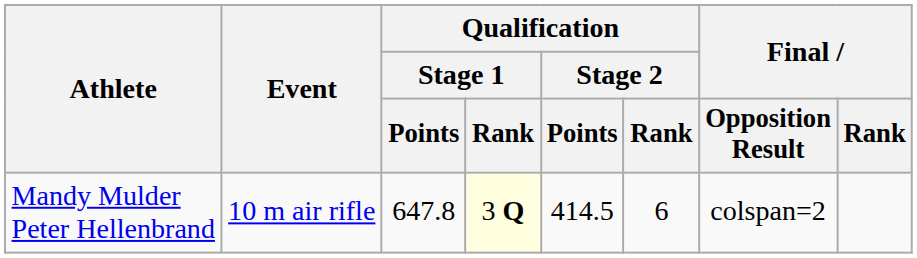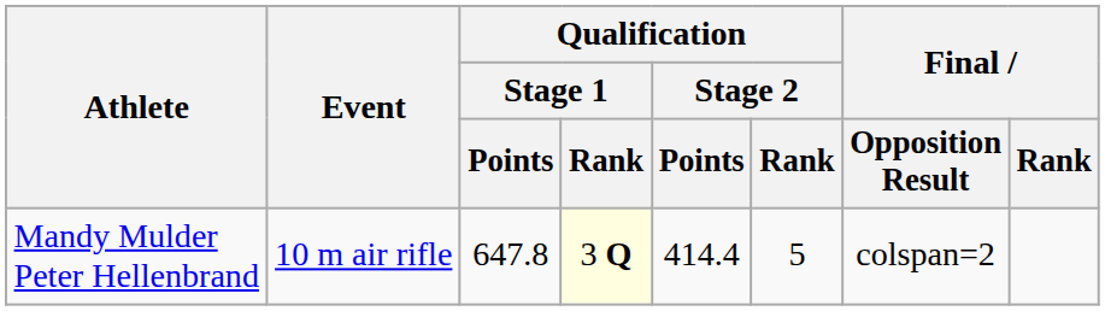 <table class="wikitable" style="text-align:center; font-size:90%">
 <tr>
 <th rowspan=3>Athlete</th>
 <th rowspan=3>Event</th>
 <th colspan=4>Qualification</th>
 <th colspan=2 rowspan=2>Final / </th>
 </tr>
 <tr>
 <th colspan="2">Stage 1</th>
 <th colspan="2">Stage 2</th>
 </tr>
 <tr style="font-size:95%">
 <th>Points</th>
 <th>Rank</th>
 <th>Points</th>
 <th>Rank</th>
 <th>Opposition<br>Result</th>
 <th>Rank</th>
 </tr>
 <tr>
 <td align=left><a href='#'>Mandy Mulder</a><br><a href='#'>Peter Hellenbrand</a></td>
 <td align=left><a href='#'>10 m air rifle</a></td>
 <td>647.8</td>
 <td style="background: lightyellow;">3 <strong>Q</strong></td>
-<td>414.5</td>
-<td>6</td>
+<td>414.4</td>
+<td>5</td>
 <td>colspan=2 </td>
 </tr>
 </table>
